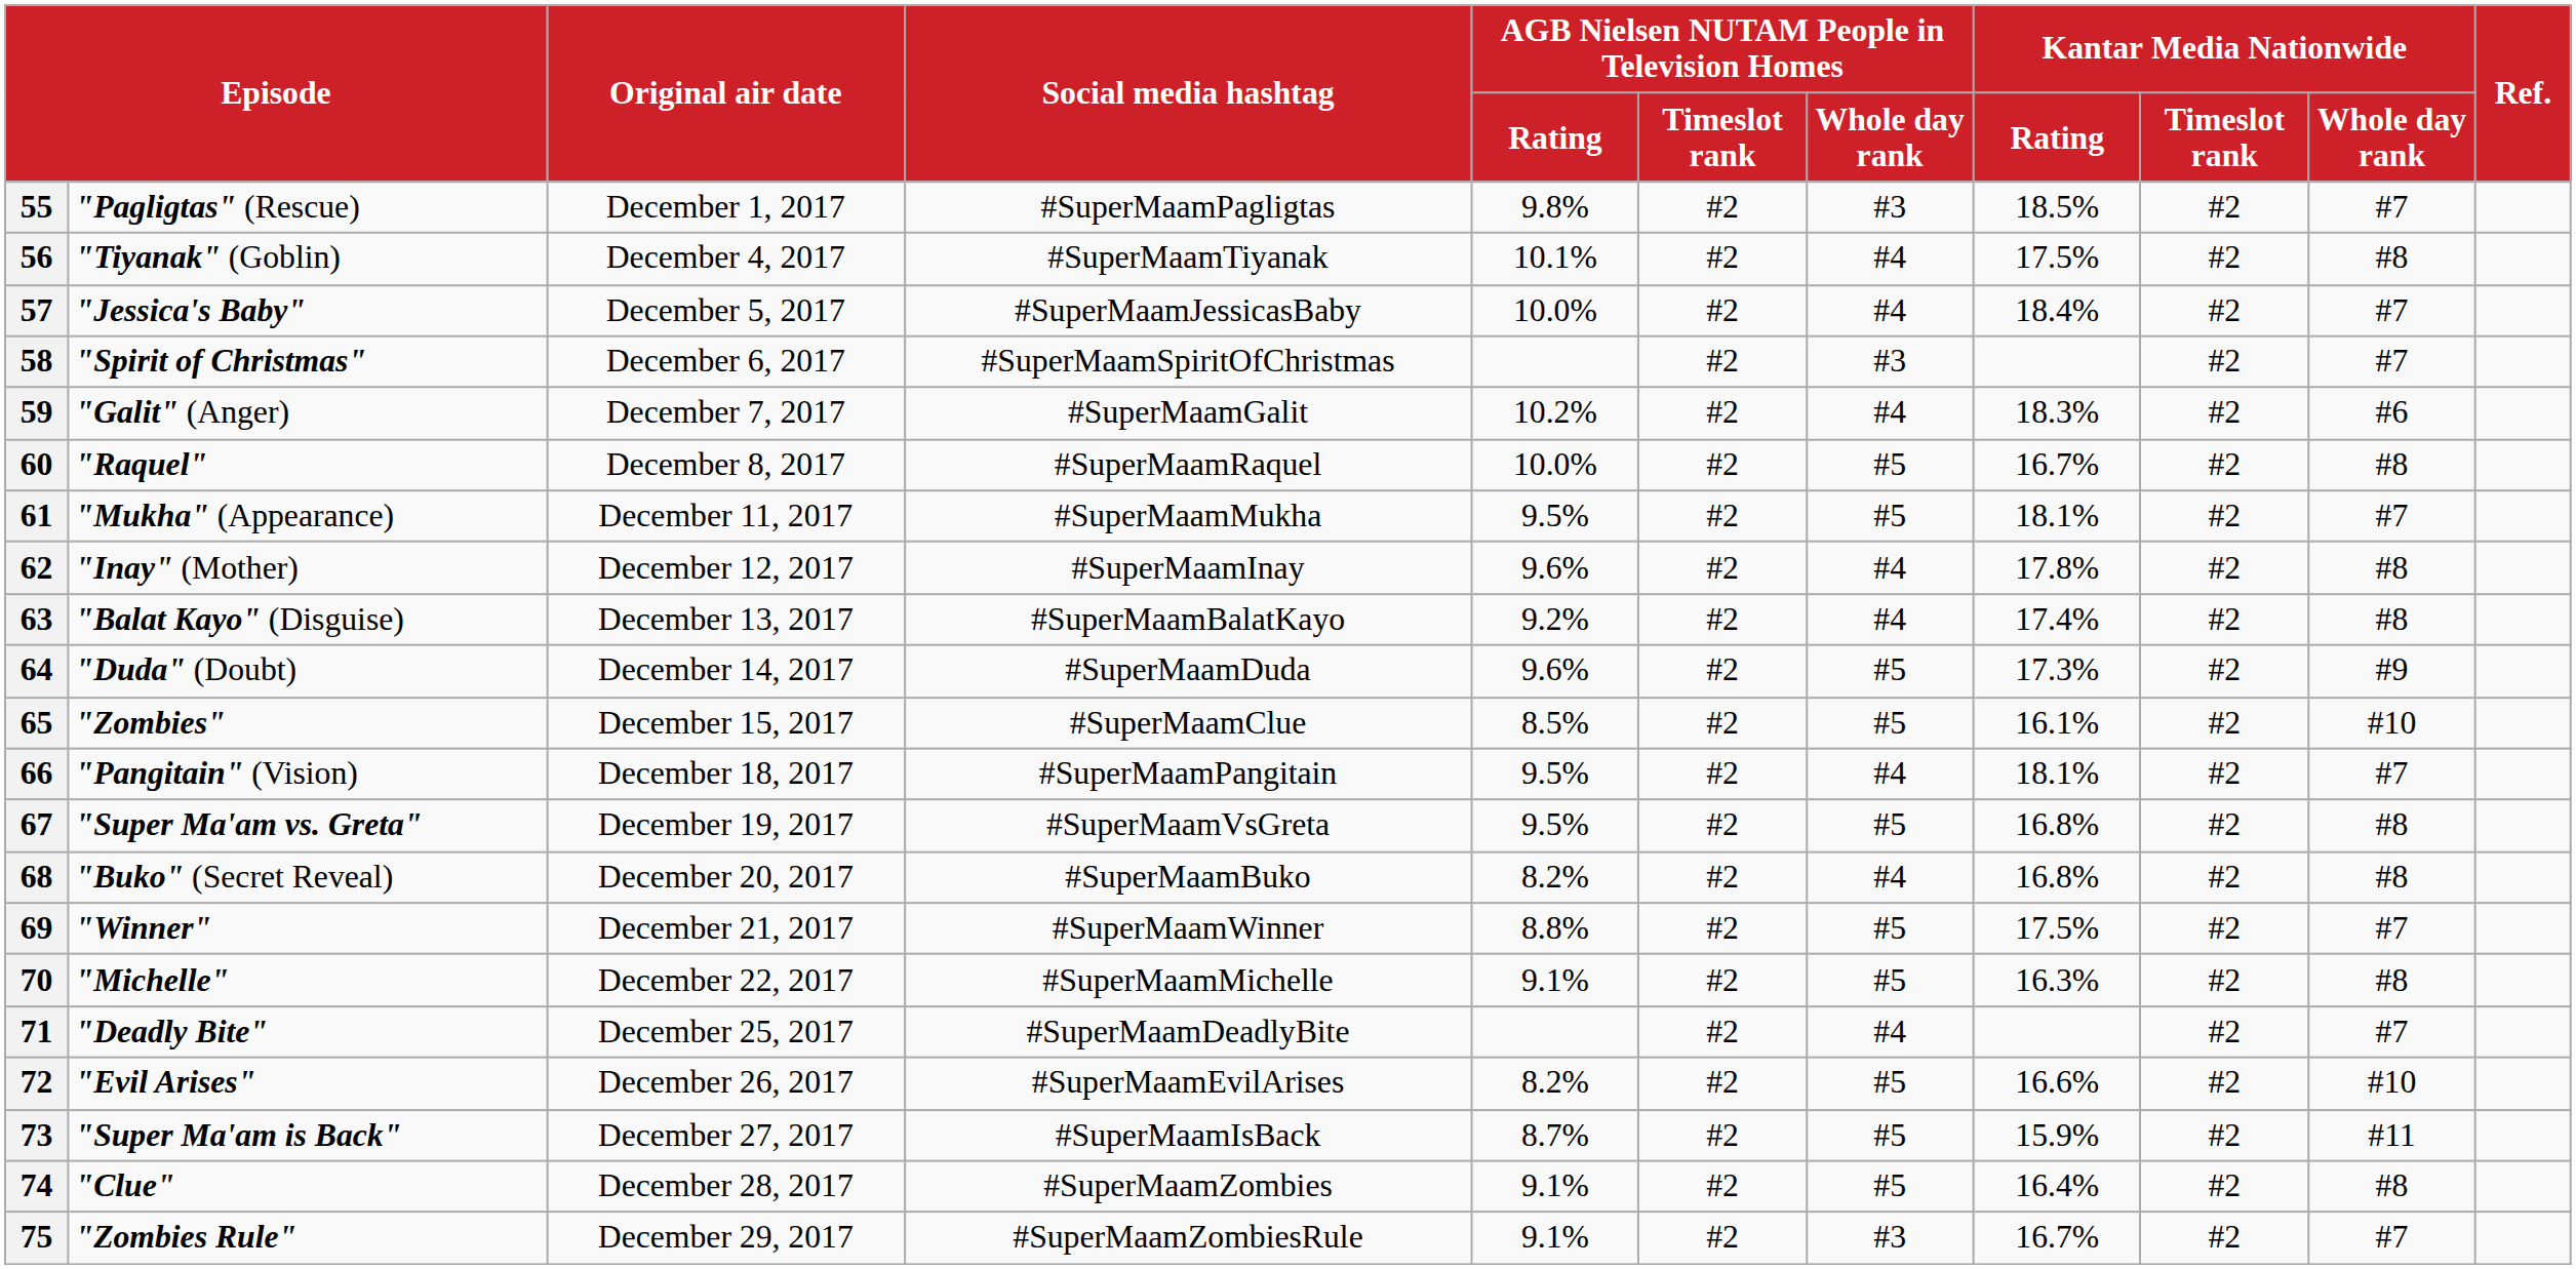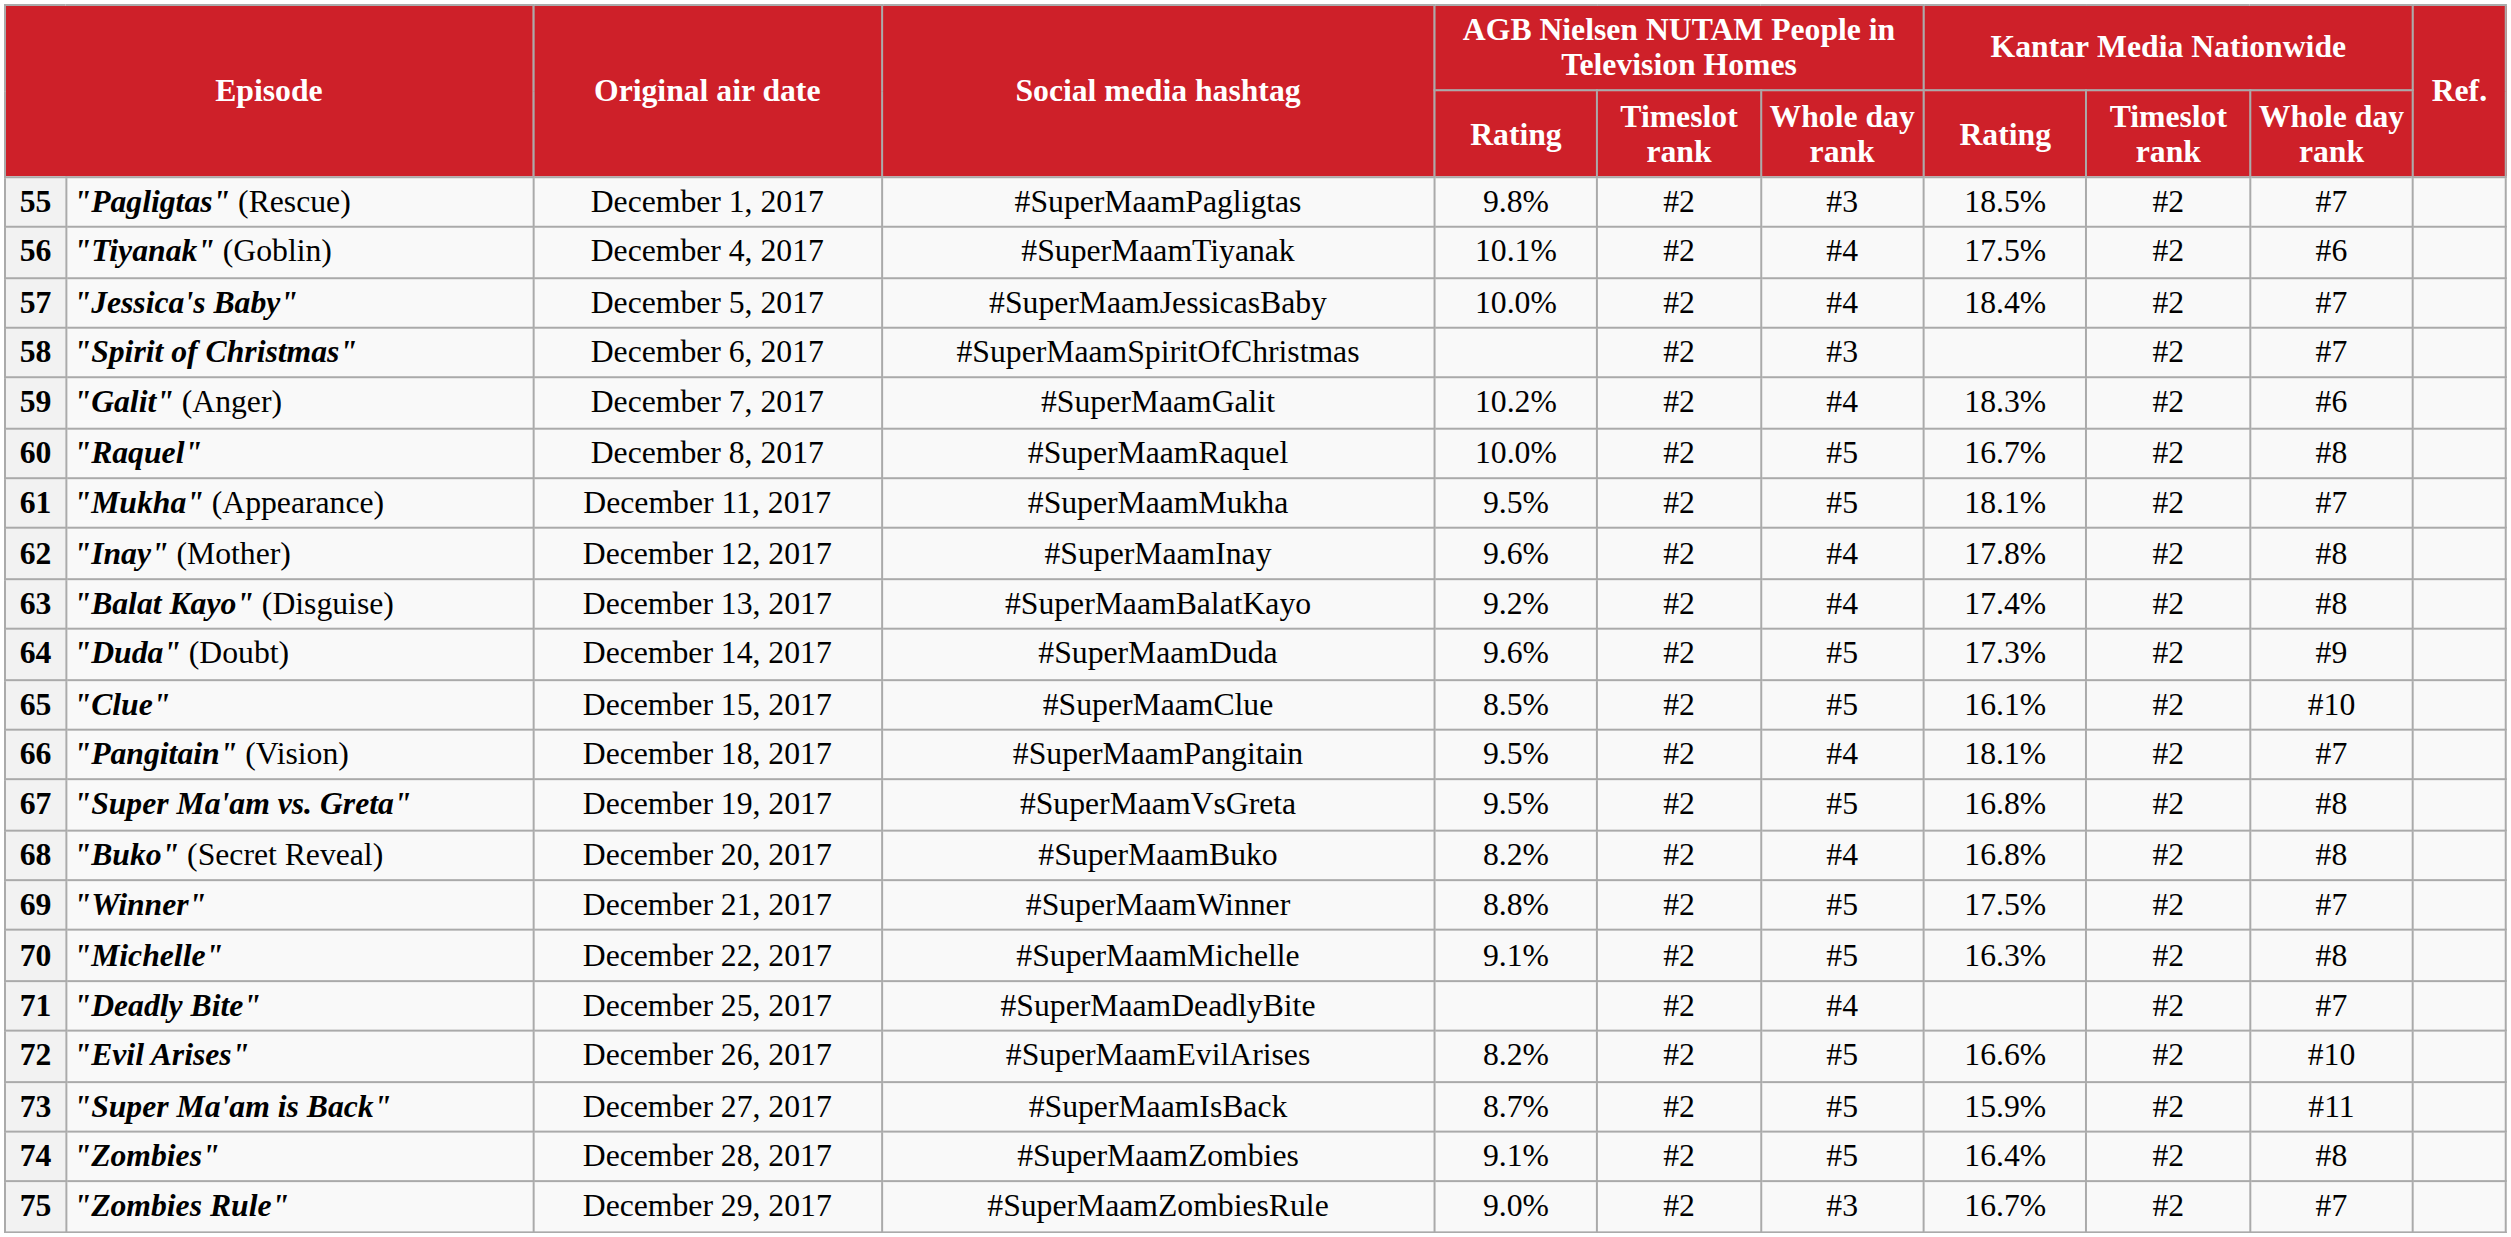 <table class="wikitable" style="text-align:center; font-size:100%; line-height:18px;" width="100%">
 <tr>
 <th style="background-color:#CE2029; color:#ffffff;" colspan="2" rowspan="2">Episode</th>
 <th style="background-color:#CE2029; color:white" rowspan="2">Original air date</th>
 <th style="background-color:#CE2029; color:white" rowspan="2">Social media hashtag</th>
 <th style="background-color:#CE2029; color:#ffffff;" colspan="3">AGB Nielsen NUTAM People in Television Homes</th>
 <th style="background-color:#CE2029; color:#ffffff;" colspan="3">Kantar Media Nationwide</th>
 <th style="background-color:#CE2029; color:#ffffff;" rowspan="2">Ref.</th>
 </tr>
 <tr>
 <th style="background-color:#CE2029; width:75px; color:#ffffff;">Rating</th>
 <th style="background-color:#CE2029; width:75px; color:#ffffff;">Timeslot<br>rank</th>
 <th style="background-color:#CE2029; width:75px; color:#ffffff;">Whole day<br>rank</th>
 <th style="background-color:#CE2029; width:75px; color:#ffffff;">Rating</th>
 <th style="background-color:#CE2029; width:75px; color:#ffffff;">Timeslot<br>rank</th>
 <th style="background-color:#CE2029; width:75px; color:#ffffff;">Whole day<br>rank</th>
 </tr>
 <tr>
 <th>55</th>
 <td style="text-align: left;"><strong><em>"Pagligtas"</em></strong> (Rescue)</td>
 <td>December 1, 2017</td>
 <td>#SuperMaamPagligtas</td>
 <td>9.8%</td>
 <td>#2</td>
 <td>#3</td>
 <td>18.5%</td>
 <td>#2</td>
 <td>#7</td>
 <td></td>
 </tr>
 <tr>
 <th>56</th>
 <td style="text-align: left;"><strong><em>"Tiyanak"</em></strong> (Goblin)</td>
 <td>December 4, 2017</td>
 <td>#SuperMaamTiyanak</td>
 <td>10.1%</td>
 <td>#2</td>
 <td>#4</td>
 <td>17.5%</td>
 <td>#2</td>
-<td>#8</td>
+<td>#6</td>
 <td></td>
 </tr>
 <tr>
 <th>57</th>
 <td style="text-align: left;"><strong><em>"Jessica's Baby"</em></strong></td>
 <td>December 5, 2017</td>
 <td>#SuperMaamJessicasBaby</td>
 <td>10.0%</td>
 <td>#2</td>
 <td>#4</td>
 <td>18.4%</td>
 <td>#2</td>
 <td>#7</td>
 <td></td>
 </tr>
 <tr>
 <th>58</th>
 <td style="text-align: left;"><strong><em>"Spirit of Christmas"</em></strong></td>
 <td>December 6, 2017</td>
 <td>#SuperMaamSpiritOfChristmas</td>
 <td></td>
 <td>#2</td>
 <td>#3</td>
 <td></td>
 <td>#2</td>
 <td>#7</td>
 <td></td>
 </tr>
 <tr>
 <th>59</th>
 <td style="text-align: left;"><strong><em>"Galit"</em></strong> (Anger)</td>
 <td>December 7, 2017</td>
 <td>#SuperMaamGalit</td>
 <td>10.2%</td>
 <td>#2</td>
 <td>#4</td>
 <td>18.3%</td>
 <td>#2</td>
 <td>#6</td>
 <td></td>
 </tr>
 <tr>
 <th>60</th>
 <td style="text-align: left;"><strong><em>"Raquel"</em></strong></td>
 <td>December 8, 2017</td>
 <td>#SuperMaamRaquel</td>
 <td>10.0%</td>
 <td>#2</td>
 <td>#5</td>
 <td>16.7%</td>
 <td>#2</td>
 <td>#8</td>
 <td></td>
 </tr>
 <tr>
 <th>61</th>
 <td style="text-align: left;"><strong><em>"Mukha"</em></strong> (Appearance)</td>
 <td>December 11, 2017</td>
 <td>#SuperMaamMukha</td>
 <td>9.5%</td>
 <td>#2</td>
 <td>#5</td>
 <td>18.1%</td>
 <td>#2</td>
 <td>#7</td>
 <td></td>
 </tr>
 <tr>
 <th>62</th>
 <td style="text-align: left;"><strong><em>"Inay"</em></strong> (Mother)</td>
 <td>December 12, 2017</td>
 <td>#SuperMaamInay</td>
 <td>9.6%</td>
 <td>#2</td>
 <td>#4</td>
 <td>17.8%</td>
 <td>#2</td>
 <td>#8</td>
 <td></td>
 </tr>
 <tr>
 <th>63</th>
 <td style="text-align: left;"><strong><em>"Balat Kayo"</em></strong> (Disguise)</td>
 <td>December 13, 2017</td>
 <td>#SuperMaamBalatKayo</td>
 <td>9.2%</td>
 <td>#2</td>
 <td>#4</td>
 <td>17.4%</td>
 <td>#2</td>
 <td>#8</td>
 <td></td>
 </tr>
 <tr>
 <th>64</th>
 <td style="text-align: left;"><strong><em>"Duda"</em></strong> (Doubt)</td>
 <td>December 14, 2017</td>
 <td>#SuperMaamDuda</td>
 <td>9.6%</td>
 <td>#2</td>
 <td>#5</td>
 <td>17.3%</td>
 <td>#2</td>
 <td>#9</td>
 <td></td>
 </tr>
 <tr>
 <th>65</th>
-<td style="text-align: left;"><strong><em>"Zombies"</em></strong></td>
+<td style="text-align: left;"><strong><em>"Clue"</em></strong></td>
 <td>December 15, 2017</td>
 <td>#SuperMaamClue</td>
 <td>8.5%</td>
 <td>#2</td>
 <td>#5</td>
 <td>16.1%</td>
 <td>#2</td>
 <td>#10</td>
 <td></td>
 </tr>
 <tr>
 <th>66</th>
 <td style="text-align: left;"><strong><em>"Pangitain"</em></strong> (Vision)</td>
 <td>December 18, 2017</td>
 <td>#SuperMaamPangitain</td>
 <td>9.5%</td>
 <td>#2</td>
 <td>#4</td>
 <td>18.1%</td>
 <td>#2</td>
 <td>#7</td>
 <td></td>
 </tr>
 <tr>
 <th>67</th>
 <td style="text-align: left;"><strong><em>"Super Ma'am vs. Greta"</em></strong></td>
 <td>December 19, 2017</td>
 <td>#SuperMaamVsGreta</td>
 <td>9.5%</td>
 <td>#2</td>
 <td>#5</td>
 <td>16.8%</td>
 <td>#2</td>
 <td>#8</td>
 <td></td>
 </tr>
 <tr>
 <th>68</th>
 <td style="text-align: left;"><strong><em>"Buko"</em></strong> (Secret Reveal)</td>
 <td>December 20, 2017</td>
 <td>#SuperMaamBuko</td>
 <td>8.2%</td>
 <td>#2</td>
 <td>#4</td>
 <td>16.8%</td>
 <td>#2</td>
 <td>#8</td>
 <td></td>
 </tr>
 <tr>
 <th>69</th>
 <td style="text-align: left;"><strong><em>"Winner"</em></strong></td>
 <td>December 21, 2017</td>
 <td>#SuperMaamWinner</td>
 <td>8.8%</td>
 <td>#2</td>
 <td>#5</td>
 <td>17.5%</td>
 <td>#2</td>
 <td>#7</td>
 <td></td>
 </tr>
 <tr>
 <th>70</th>
 <td style="text-align: left;"><strong><em>"Michelle"</em></strong></td>
 <td>December 22, 2017</td>
 <td>#SuperMaamMichelle</td>
 <td>9.1%</td>
 <td>#2</td>
 <td>#5</td>
 <td>16.3%</td>
 <td>#2</td>
 <td>#8</td>
 <td></td>
 </tr>
 <tr>
 <th>71</th>
 <td style="text-align: left;"><strong><em>"Deadly Bite"</em></strong></td>
 <td>December 25, 2017</td>
 <td>#SuperMaamDeadlyBite</td>
 <td></td>
 <td>#2</td>
 <td>#4</td>
 <td></td>
 <td>#2</td>
 <td>#7</td>
 <td></td>
 </tr>
 <tr>
 <th>72</th>
 <td style="text-align: left;"><strong><em>"Evil Arises"</em></strong></td>
 <td>December 26, 2017</td>
 <td>#SuperMaamEvilArises</td>
 <td>8.2%</td>
 <td>#2</td>
 <td>#5</td>
 <td>16.6%</td>
 <td>#2</td>
 <td>#10</td>
 <td></td>
 </tr>
 <tr>
 <th>73</th>
 <td style="text-align: left;"><strong><em>"Super Ma'am is Back"</em></strong></td>
 <td>December 27, 2017</td>
 <td>#SuperMaamIsBack</td>
 <td>8.7%</td>
 <td>#2</td>
 <td>#5</td>
 <td>15.9%</td>
 <td>#2</td>
 <td>#11</td>
 <td></td>
 </tr>
 <tr>
 <th>74</th>
-<td style="text-align: left;"><strong><em>"Clue"</em></strong></td>
+<td style="text-align: left;"><strong><em>"Zombies"</em></strong></td>
 <td>December 28, 2017</td>
 <td>#SuperMaamZombies</td>
 <td>9.1%</td>
 <td>#2</td>
 <td>#5</td>
 <td>16.4%</td>
 <td>#2</td>
 <td>#8</td>
 <td></td>
 </tr>
 <tr>
 <th>75</th>
 <td style="text-align: left;"><strong><em>"Zombies Rule"</em></strong></td>
 <td>December 29, 2017</td>
 <td>#SuperMaamZombiesRule</td>
-<td>9.1%</td>
+<td>9.0%</td>
 <td>#2</td>
 <td>#3</td>
 <td>16.7%</td>
 <td>#2</td>
 <td>#7</td>
 <td></td>
 </tr>
 <tr>
 </tr>
 </table>
